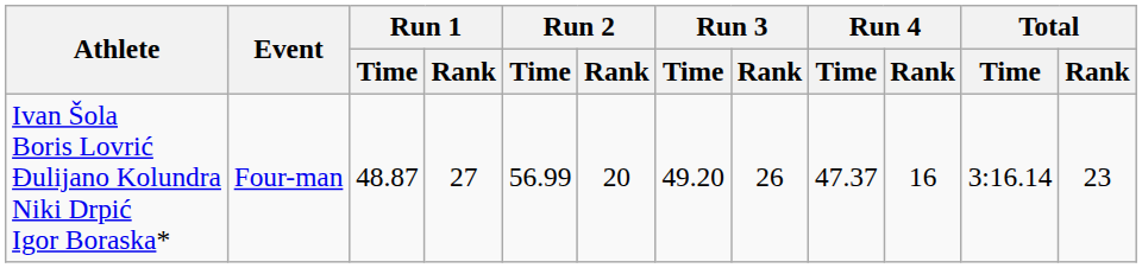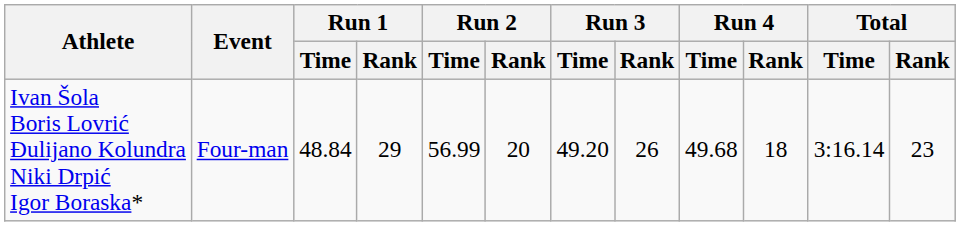 <table class="wikitable">
 <tr>
 <th rowspan="2">Athlete</th>
 <th rowspan="2">Event</th>
 <th colspan="2">Run 1</th>
 <th colspan="2">Run 2</th>
 <th colspan="2">Run 3</th>
 <th colspan="2">Run 4</th>
 <th colspan="2">Total</th>
 </tr>
 <tr>
 <th>Time</th>
 <th>Rank</th>
 <th>Time</th>
 <th>Rank</th>
 <th>Time</th>
 <th>Rank</th>
 <th>Time</th>
 <th>Rank</th>
 <th>Time</th>
 <th>Rank</th>
 </tr>
 <tr>
 <td><a href='#'>Ivan Šola</a><br><a href='#'>Boris Lovrić</a><br><a href='#'>Đulijano Kolundra</a><br><a href='#'>Niki Drpić</a><br><a href='#'>Igor Boraska</a>*</td>
 <td><a href='#'>Four-man</a></td>
-<td align="center">48.87</td>
-<td align="center">27</td>
+<td align="center">48.84</td>
+<td align="center">29</td>
 <td align="center">56.99</td>
 <td align="center">20</td>
 <td align="center">49.20</td>
 <td align="center">26</td>
-<td align="center">47.37</td>
-<td align="center">16</td>
+<td align="center">49.68</td>
+<td align="center">18</td>
 <td align="center">3:16.14</td>
 <td align="center">23</td>
 </tr>
 </table>
